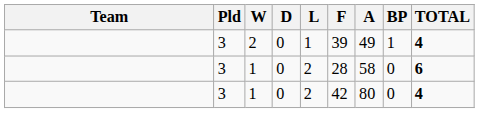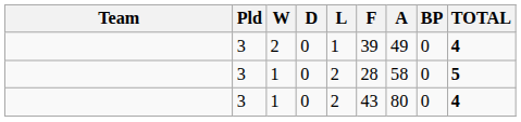 <table class="wikitable">
 <tr border=1 cellpadding=5 cellspacing=0>
 <th width="200">Team</th>
 <th width="20">Pld</th>
 <th width="20">W</th>
 <th width="20">D</th>
 <th width="20">L</th>
 <th width="20">F</th>
 <th width="20">A</th>
 <th width="20">BP</th>
 <th width="20">TOTAL</th>
 </tr>
 <tr>
 <td align=left></td>
 <td>3</td>
 <td>2</td>
 <td>0</td>
 <td>1</td>
 <td>39</td>
 <td>49</td>
-<td>1</td>
+<td>0</td>
 <td><strong>4</strong></td>
 </tr>
 <tr>
 <td align=left></td>
 <td>3</td>
 <td>1</td>
 <td>0</td>
 <td>2</td>
 <td>28</td>
 <td>58</td>
 <td>0</td>
-<td><strong>6</strong></td>
+<td><strong>5</strong></td>
 </tr>
 <tr>
 <td align=left></td>
 <td>3</td>
 <td>1</td>
 <td>0</td>
 <td>2</td>
-<td>42</td>
+<td>43</td>
 <td>80</td>
 <td>0</td>
 <td><strong>4</strong></td>
 </tr>
 </table>
